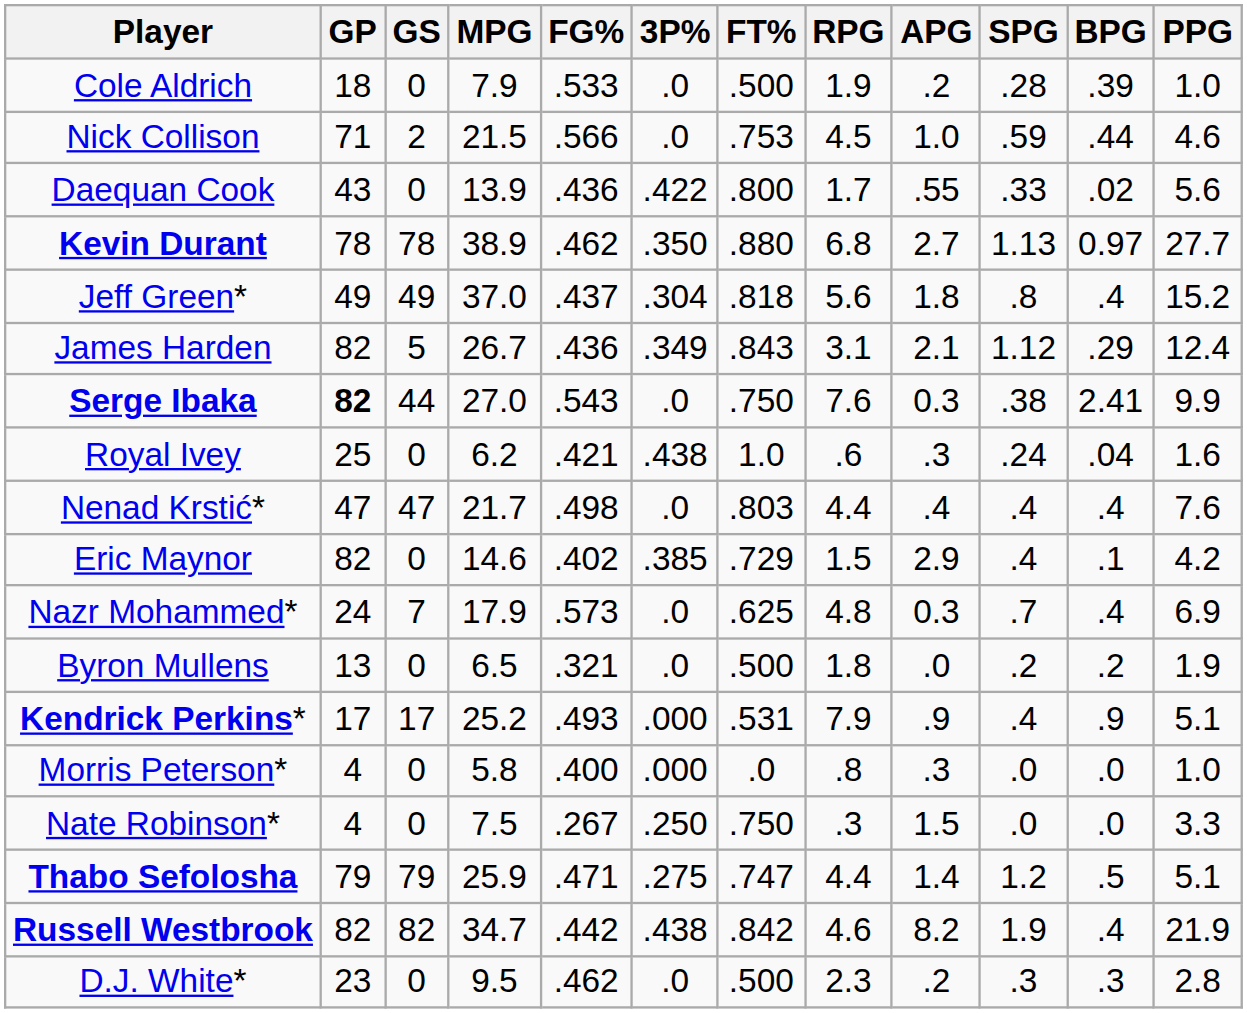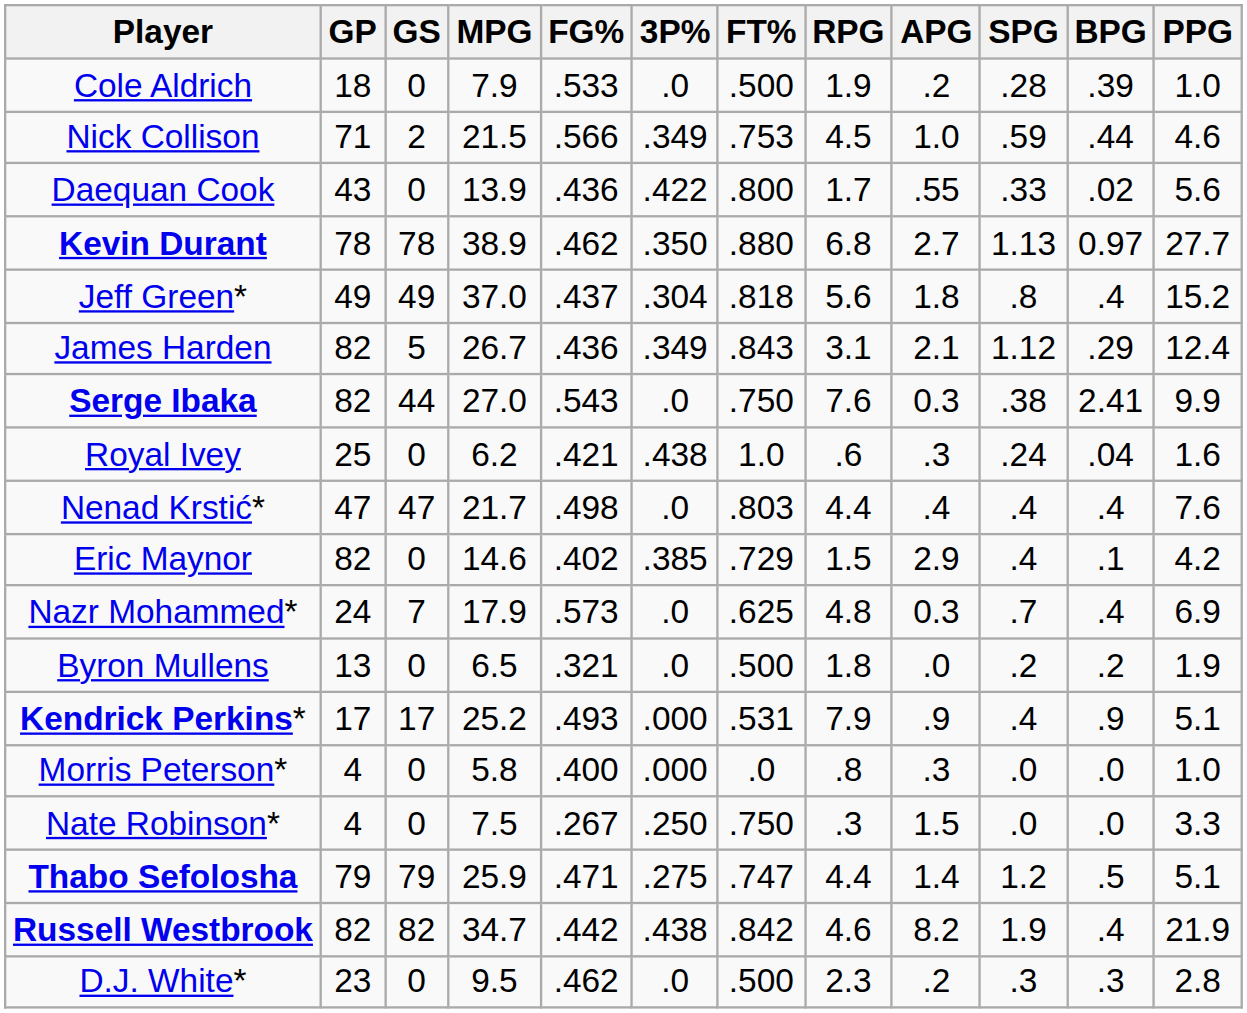 <table class="wikitable sortable" style="font-size: 90%; text-align:center;">
 <tr>
 <th>Player</th>
 <th>GP</th>
 <th>GS</th>
 <th>MPG</th>
 <th>FG%</th>
 <th>3P%</th>
 <th>FT%</th>
 <th>RPG</th>
 <th>APG</th>
 <th !>SPG</th>
 <th>BPG</th>
 <th>PPG</th>
 </tr>
 <tr align="center" bgcolor="">
 <td><a href='#'>Cole Aldrich</a></td>
 <td>18</td>
 <td>0</td>
 <td>7.9</td>
 <td>.533</td>
 <td>.0</td>
 <td>.500</td>
 <td>1.9</td>
 <td>.2</td>
 <td>.28</td>
 <td>.39</td>
 <td>1.0</td>
 </tr>
 <tr align="center" bgcolor="">
 <td><a href='#'>Nick Collison</a></td>
 <td>71</td>
 <td>2</td>
 <td>21.5</td>
 <td>.566</td>
-<td>.0</td>
+<td>.349</td>
 <td>.753</td>
 <td>4.5</td>
 <td>1.0</td>
 <td>.59</td>
 <td>.44</td>
 <td>4.6</td>
 </tr>
 <tr align="center" bgcolor="">
 <td><a href='#'>Daequan Cook</a></td>
 <td>43</td>
 <td>0</td>
 <td>13.9</td>
 <td>.436</td>
 <td>.422</td>
 <td>.800</td>
 <td>1.7</td>
 <td>.55</td>
 <td>.33</td>
 <td>.02</td>
 <td>5.6</td>
 </tr>
 <tr align="center" bgcolor="">
 <td><strong><a href='#'>Kevin Durant</a></strong></td>
 <td>78</td>
 <td>78</td>
 <td>38.9</td>
 <td>.462</td>
 <td>.350</td>
 <td>.880</td>
 <td>6.8</td>
 <td>2.7</td>
 <td>1.13</td>
 <td>0.97</td>
 <td>27.7</td>
 </tr>
 <tr align="center" bgcolor="">
 <td><a href='#'>Jeff Green</a>*</td>
 <td>49</td>
 <td>49</td>
 <td>37.0</td>
 <td>.437</td>
 <td>.304</td>
 <td>.818</td>
 <td>5.6</td>
 <td>1.8</td>
 <td>.8</td>
 <td>.4</td>
 <td>15.2</td>
 </tr>
 <tr align="center" bgcolor="">
 <td><a href='#'>James Harden</a></td>
 <td>82</td>
 <td>5</td>
 <td>26.7</td>
 <td>.436</td>
 <td>.349</td>
 <td>.843</td>
 <td>3.1</td>
 <td>2.1</td>
 <td>1.12</td>
 <td>.29</td>
 <td>12.4</td>
 </tr>
 <tr align="center" bgcolor="">
 <td><strong><a href='#'>Serge Ibaka</a></strong></td>
-<td><strong>82</strong></td>
+<td>82</td>
 <td>44</td>
 <td>27.0</td>
 <td>.543</td>
 <td>.0</td>
 <td>.750</td>
 <td>7.6</td>
 <td>0.3</td>
 <td>.38</td>
 <td>2.41</td>
 <td>9.9</td>
 </tr>
 <tr align="center" bgcolor="">
 <td><a href='#'>Royal Ivey</a></td>
 <td>25</td>
 <td>0</td>
 <td>6.2</td>
 <td>.421</td>
 <td>.438</td>
 <td>1.0</td>
 <td>.6</td>
 <td>.3</td>
 <td>.24</td>
 <td>.04</td>
 <td>1.6</td>
 </tr>
 <tr align="center" bgcolor="">
 <td><a href='#'>Nenad Krstić</a>*</td>
 <td>47</td>
 <td>47</td>
 <td>21.7</td>
 <td>.498</td>
 <td>.0</td>
 <td>.803</td>
 <td>4.4</td>
 <td>.4</td>
 <td>.4</td>
 <td>.4</td>
 <td>7.6</td>
 </tr>
 <tr align="center" bgcolor="">
 <td><a href='#'>Eric Maynor</a></td>
 <td>82</td>
 <td>0</td>
 <td>14.6</td>
 <td>.402</td>
 <td>.385</td>
 <td>.729</td>
 <td>1.5</td>
 <td>2.9</td>
 <td>.4</td>
 <td>.1</td>
 <td>4.2</td>
 </tr>
 <tr align="center" bgcolor="">
 <td><a href='#'>Nazr Mohammed</a>*</td>
 <td>24</td>
 <td>7</td>
 <td>17.9</td>
 <td>.573</td>
 <td>.0</td>
 <td>.625</td>
 <td>4.8</td>
 <td>0.3</td>
 <td>.7</td>
 <td>.4</td>
 <td>6.9</td>
 </tr>
 <tr align="center" bgcolor="">
 <td><a href='#'>Byron Mullens</a></td>
 <td>13</td>
 <td>0</td>
 <td>6.5</td>
 <td>.321</td>
 <td>.0</td>
 <td>.500</td>
 <td>1.8</td>
 <td>.0</td>
 <td>.2</td>
 <td>.2</td>
 <td>1.9</td>
 </tr>
 <tr align="center" bgcolor="">
 <td><strong><a href='#'>Kendrick Perkins</a></strong>*</td>
 <td>17</td>
 <td>17</td>
 <td>25.2</td>
 <td>.493</td>
 <td>.000</td>
 <td>.531</td>
 <td>7.9</td>
 <td>.9</td>
 <td>.4</td>
 <td>.9</td>
 <td>5.1</td>
 </tr>
 <tr align="center" bgcolor="">
 <td><a href='#'>Morris Peterson</a>*</td>
 <td>4</td>
 <td>0</td>
 <td>5.8</td>
 <td>.400</td>
 <td>.000</td>
 <td>.0</td>
 <td>.8</td>
 <td>.3</td>
 <td>.0</td>
 <td>.0</td>
 <td>1.0</td>
 </tr>
 <tr align="center" bgcolor="">
 <td><a href='#'>Nate Robinson</a>*</td>
 <td>4</td>
 <td>0</td>
 <td>7.5</td>
 <td>.267</td>
 <td>.250</td>
 <td>.750</td>
 <td>.3</td>
 <td>1.5</td>
 <td>.0</td>
 <td>.0</td>
 <td>3.3</td>
 </tr>
 <tr align="center" bgcolor="">
 <td><strong><a href='#'>Thabo Sefolosha</a></strong></td>
 <td>79</td>
 <td>79</td>
 <td>25.9</td>
 <td>.471</td>
 <td>.275</td>
 <td>.747</td>
 <td>4.4</td>
 <td>1.4</td>
 <td>1.2</td>
 <td>.5</td>
 <td>5.1</td>
 </tr>
 <tr align="center" bgcolor="">
 <td><strong><a href='#'>Russell Westbrook</a></strong></td>
 <td>82</td>
 <td>82</td>
 <td>34.7</td>
 <td>.442</td>
 <td>.438</td>
 <td>.842</td>
 <td>4.6</td>
 <td>8.2</td>
 <td>1.9</td>
 <td>.4</td>
 <td>21.9</td>
 </tr>
 <tr align="center" bgcolor="">
 <td><a href='#'>D.J. White</a>*</td>
 <td>23</td>
 <td>0</td>
 <td>9.5</td>
 <td>.462</td>
 <td>.0</td>
 <td>.500</td>
 <td>2.3</td>
 <td>.2</td>
 <td>.3</td>
 <td>.3</td>
 <td>2.8</td>
 </tr>
 </table>
